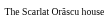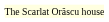 <table align="center" cellpadding=0px cellspacing=8px>
 <tr>
 <td></td>
 <td></td>
 <td></td>
 <td></td>
 </tr>
 <tr>
-<td><small>The Scarlat Orăscu house</small></td>
+<td style="background: lightyellow;"><small>The Scarlat Orăscu house</small></td>
 </tr>
 </table>
